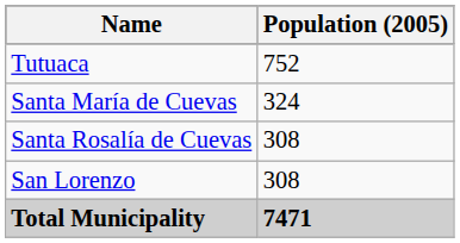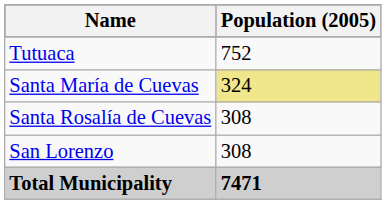 <table class="wikitable">
 <tr style="background:#000000; color:black;">
 <th><strong>Name</strong></th>
 <th><strong>Population (2005)</strong></th>
 </tr>
 <tr>
 <td><a href='#'>Tutuaca</a></td>
 <td>752</td>
 </tr>
 <tr>
 <td><a href='#'>Santa María de Cuevas</a></td>
-<td>324</td>
+<td style="background: khaki;">324</td>
 </tr>
 <tr>
 <td><a href='#'>Santa Rosalía de Cuevas</a></td>
 <td>308</td>
 </tr>
 <tr>
 <td><a href='#'>San Lorenzo</a></td>
 <td>308</td>
 </tr>
 <tr style="background:#CFCFCF;">
 <td><strong>Total Municipality</strong></td>
 <td><strong>7471</strong></td>
 </tr>
 </table>
